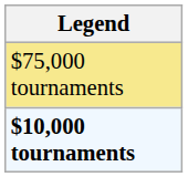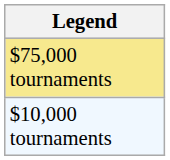 <table class="wikitable" style="font-size:85%;" width=12%>
 <tr>
 <th>Legend</th>
 </tr>
 <tr style="background:#f7e98e;">
 <td>$75,000 tournaments</td>
 </tr>
 <tr style="background:#f0f8ff;">
-<td><strong>$10,000 tournaments</strong></td>
+<td>$10,000 tournaments</td>
 </tr>
 </table>
